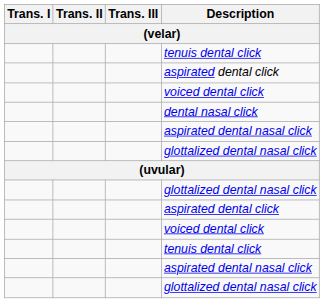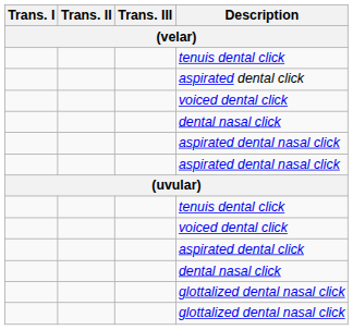 <table class="wikitable">
 <tr>
 <th>Trans. I</th>
 <th>Trans. II</th>
 <th>Trans. III</th>
 <th>Description</th>
 </tr>
 <tr>
 <th colspan=4>(velar)</th>
 </tr>
 <tr>
 <td style="font-size:24px" align="center"></td>
 <td style="font-size:24px" align="center"></td>
 <td style="font-size:24px" align="center"></td>
 <td><em><a href='#'>tenuis dental click</a></em></td>
 </tr>
 <tr>
 <td style="font-size:24px" align="center"></td>
 <td style="font-size:24px" align="center"></td>
 <td style="font-size:24px" align="center"></td>
 <td><em><a href='#'>aspirated</a> dental click</em></td>
 </tr>
 <tr>
 <td style="font-size:24px" align="center"></td>
 <td style="font-size:24px" align="center"></td>
 <td style="font-size:24px" align="center"></td>
 <td><em><a href='#'>voiced dental click</a></em></td>
 </tr>
 <tr>
 <td style="font-size:24px" align="center"></td>
 <td style="font-size:24px" align="center"></td>
 <td style="font-size:24px" align="center"></td>
 <td><em><a href='#'>dental nasal click</a></em></td>
 </tr>
 <tr>
 <td style="font-size:24px" align="center"></td>
 <td style="font-size:24px" align="center"></td>
 <td style="font-size:24px" align="center"></td>
 <td><em><a href='#'>aspirated dental nasal click</a></em></td>
 </tr>
 <tr>
 <td style="font-size:24px" align="center"></td>
 <td style="font-size:24px" align="center"></td>
 <td style="font-size:24px" align="center"></td>
-<td><em><a href='#'>glottalized dental nasal click</a></em></td>
+<td><em><a href='#'>aspirated dental nasal click</a></em></td>
 </tr>
 <tr>
 <th colspan=4>(uvular)</th>
+</tr>
+<tr>
+<td style="font-size:24px" align="center"></td>
+<td style="font-size:24px" align="center"></td>
+<td></td>
+<td><em><a href='#'>tenuis dental click</a></em></td>
+</tr>
+<tr>
+<td style="font-size:24px" align="center"></td>
+<td style="font-size:24px" align="center"></td>
+<td></td>
+<td><em><a href='#'>voiced dental click</a></em></td>
+</tr>
+<tr>
+<td style="font-size:24px" align="center"></td>
+<td style="font-size:24px" align="center"></td>
+<td></td>
+<td><em><a href='#'>aspirated dental click</a></em></td>
+</tr>
+<tr>
+<td style="font-size:24px" align="center"></td>
+<td style="font-size:24px" align="center"></td>
+<td></td>
+<td><em><a href='#'>dental nasal click</a></em></td>
 </tr>
 <tr>
 <td style="font-size:24px" align="center"></td>
 <td style="font-size:24px" align="center"></td>
 <td></td>
 <td><em><a href='#'>glottalized dental nasal click</a></em></td>
 </tr>
 <tr>
 <td style="font-size:24px" align="center"></td>
 <td style="font-size:24px" align="center"></td>
 <td></td>
-<td><em><a href='#'>aspirated dental click</a></em></td>
-</tr>
-<tr>
-<td style="font-size:24px" align="center"></td>
-<td style="font-size:24px" align="center"></td>
-<td></td>
-<td><em><a href='#'>voiced dental click</a></em></td>
-</tr>
-<tr>
-<td style="font-size:24px" align="center"></td>
-<td style="font-size:24px" align="center"></td>
-<td></td>
-<td><em><a href='#'>tenuis dental click</a></em></td>
-</tr>
-<tr>
-<td style="font-size:24px" align="center"></td>
-<td style="font-size:24px" align="center"></td>
-<td></td>
-<td><em><a href='#'>aspirated dental nasal click</a></em></td>
-</tr>
-<tr>
-<td style="font-size:24px" align="center"></td>
-<td style="font-size:24px" align="center"></td>
-<td></td>
 <td><em><a href='#'>glottalized dental nasal click</a></em></td>
 </tr>
 </table>
